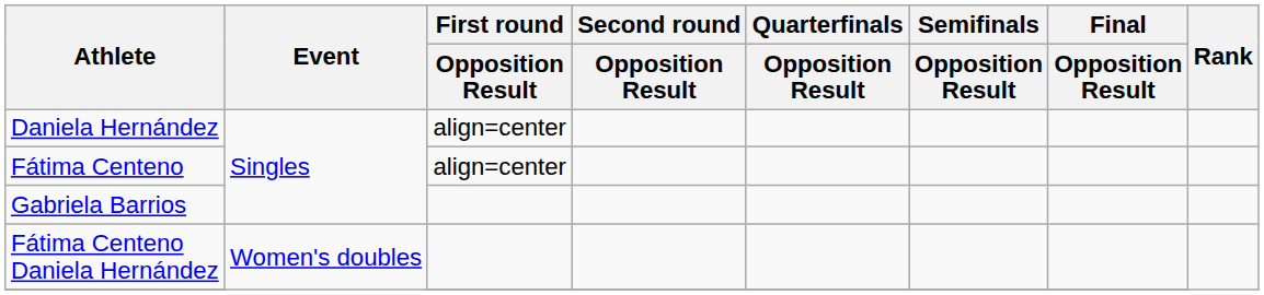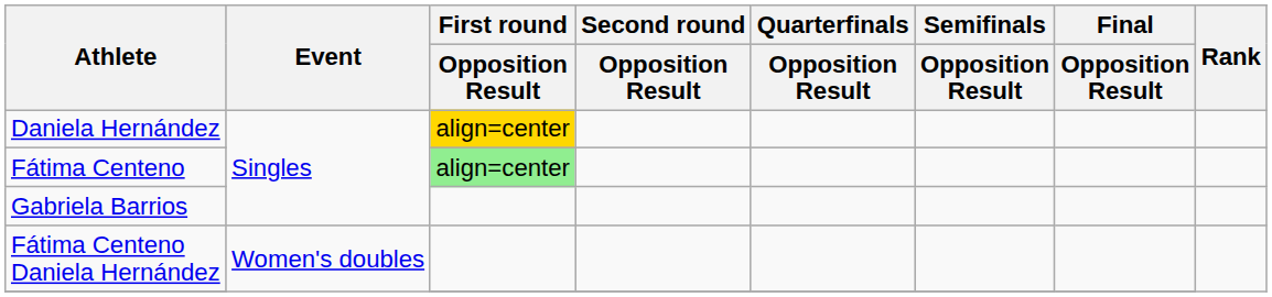 <table class="wikitable" style="font-size:90%">
 <tr>
 <th rowspan="2">Athlete</th>
 <th rowspan="2">Event</th>
 <th>First round</th>
 <th>Second round</th>
 <th>Quarterfinals</th>
 <th>Semifinals</th>
 <th>Final</th>
 <th rowspan="2">Rank</th>
 </tr>
 <tr>
 <th>Opposition<br>Result</th>
 <th>Opposition<br>Result</th>
 <th>Opposition<br>Result</th>
 <th>Opposition<br>Result</th>
 <th>Opposition<br>Result</th>
 </tr>
 <tr>
 <td><a href='#'>Daniela Hernández</a></td>
 <td rowspan=3><a href='#'>Singles</a></td>
-<td>align=center </td>
+<td style="background: gold;">align=center </td>
 <td></td>
 <td></td>
 <td></td>
 <td></td>
 <td></td>
 </tr>
 <tr>
 <td><a href='#'>Fátima Centeno</a></td>
-<td>align=center </td>
+<td style="background: lightgreen;">align=center </td>
 <td></td>
 <td></td>
 <td></td>
 <td></td>
 <td></td>
 </tr>
 <tr>
 <td><a href='#'>Gabriela Barrios</a></td>
 <td></td>
 <td></td>
 <td></td>
 <td></td>
 <td></td>
 <td></td>
 </tr>
 <tr>
 <td><a href='#'>Fátima Centeno</a><br><a href='#'>Daniela Hernández</a></td>
 <td rowspan=2><a href='#'>Women's doubles</a></td>
 <td><br></td>
 <td></td>
 <td></td>
 <td></td>
 <td></td>
 </tr>
 <tr>
 </tr>
 </table>
